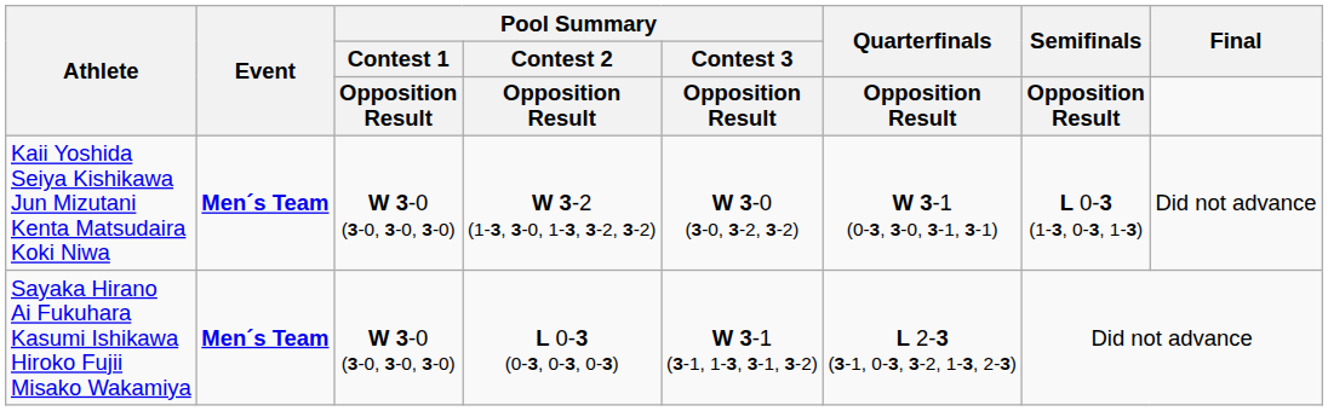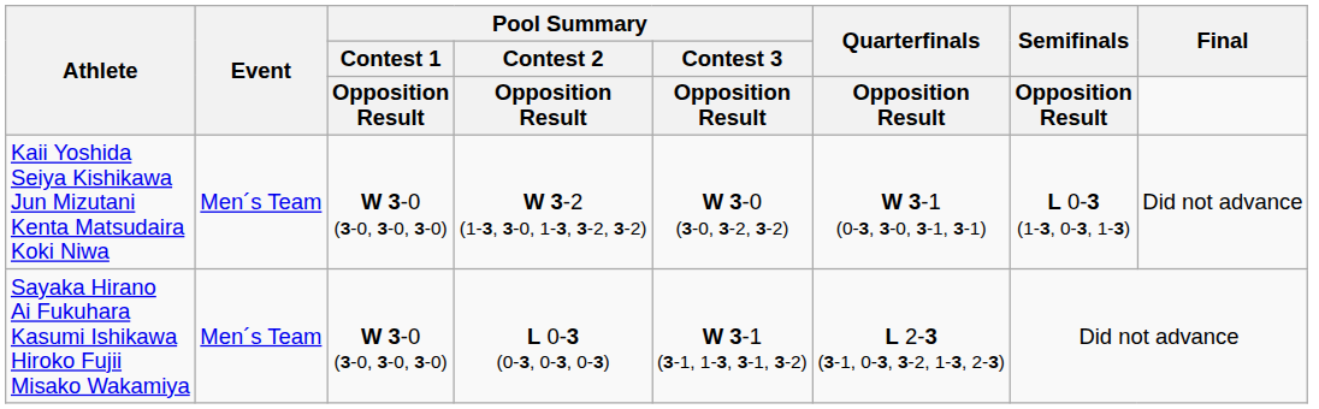 <table class="wikitable" border="1" style="font-size:90%">
 <tr>
 <th rowspan=3>Athlete</th>
 <th rowspan=3>Event</th>
 <th colspan=3>Pool Summary</th>
 <th rowspan=2>Quarterfinals</th>
 <th rowspan=2>Semifinals</th>
 <th rowspan=2>Final</th>
 </tr>
 <tr>
 <th>Contest 1</th>
 <th>Contest 2</th>
 <th>Contest 3</th>
 </tr>
 <tr>
 <th>Opposition<br>Result</th>
 <th>Opposition<br>Result</th>
 <th>Opposition<br>Result</th>
 <th>Opposition<br>Result</th>
 <th>Opposition<br>Result</th>
 </tr>
 <tr>
 <td><a href='#'>Kaii Yoshida</a><br><a href='#'>Seiya Kishikawa</a><br><a href='#'>Jun Mizutani</a><br><a href='#'>Kenta Matsudaira</a><br><a href='#'>Koki Niwa</a></td>
-<td><strong><a href='#'>Men´s Team</a></strong></td>
+<td><a href='#'>Men´s Team</a></td>
 <td align=center><br><strong>W</strong> <strong>3</strong>-0<br><small>(<strong>3</strong>-0, <strong>3</strong>-0, <strong>3</strong>-0)</small></td>
 <td align=center><br><strong>W</strong> <strong>3</strong>-2<br><small>(1-<strong>3</strong>, <strong>3</strong>-0, 1-<strong>3</strong>, <strong>3</strong>-2, <strong>3</strong>-2)</small></td>
 <td align=center><br><strong>W</strong> <strong>3</strong>-0<br><small>(<strong>3</strong>-0, <strong>3</strong>-2, <strong>3</strong>-2)</small></td>
 <td align=center><br><strong>W</strong> <strong>3</strong>-1<br><small>(0-<strong>3</strong>, <strong>3</strong>-0, <strong>3</strong>-1, <strong>3</strong>-1)</small></td>
 <td align=center><br><strong>L</strong> 0-<strong>3</strong><br><small>(1-<strong>3</strong>, 0-<strong>3</strong>, 1-<strong>3</strong>)</small><br></td>
 <td align=center colspan="7">Did not advance</td>
 </tr>
 <tr>
 <td><a href='#'>Sayaka Hirano</a><br><a href='#'>Ai Fukuhara</a><br><a href='#'>Kasumi Ishikawa</a><br><a href='#'>Hiroko Fujii</a><br><a href='#'>Misako Wakamiya</a></td>
-<td><strong><a href='#'>Men´s Team</a></strong></td>
+<td><a href='#'>Men´s Team</a></td>
 <td align=center><br><strong>W</strong> <strong>3</strong>-0<br><small>(<strong>3</strong>-0, <strong>3</strong>-0, <strong>3</strong>-0)</small></td>
 <td align=center><br><strong>L</strong> 0-<strong>3</strong><br><small>(0-<strong>3</strong>, 0-<strong>3</strong>, 0-<strong>3</strong>)</small></td>
 <td align=center><br><strong>W</strong> <strong>3</strong>-1<br><small>(<strong>3</strong>-1, 1-<strong>3</strong>, <strong>3</strong>-1, <strong>3</strong>-2)</small></td>
 <td align=center><br><strong>L</strong> 2-<strong>3</strong><br><small>(<strong>3</strong>-1, 0-<strong>3</strong>, <strong>3</strong>-2, 1-<strong>3</strong>, 2-<strong>3</strong>)</small></td>
 <td align=center colspan="7">Did not advance</td>
 </tr>
 </table>
